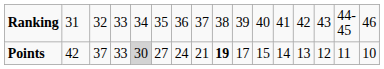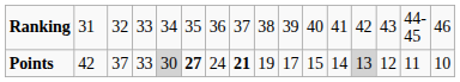 <table class="wikitable">
 <tr>
 <td><strong>Ranking</strong></td>
 <td width=25>31</td>
 <td width=15>32</td>
 <td width=15>33</td>
 <td width=15>34</td>
 <td width=15>35</td>
 <td width=15>36</td>
 <td width=15>37</td>
 <td width=15>38</td>
 <td width=15>39</td>
 <td width=15>40</td>
 <td width=15>41</td>
 <td width=15>42</td>
 <td width=15>43</td>
 <td width=15>44-45</td>
 <td width=15>46</td>
 </tr>
 <tr>
 <td><strong>Points</strong></td>
 <td>42</td>
 <td>37</td>
 <td>33</td>
 <td style="background: lightgrey;">30</td>
-<td>27</td>
+<td><strong>27</strong></td>
 <td>24</td>
-<td>21</td>
-<td><strong>19</strong></td>
+<td><strong>21</strong></td>
+<td>19</td>
 <td>17</td>
 <td>15</td>
 <td>14</td>
-<td>13</td>
+<td style="background: lightgrey;">13</td>
 <td>12</td>
 <td>11</td>
 <td>10</td>
 </tr>
 </table>
